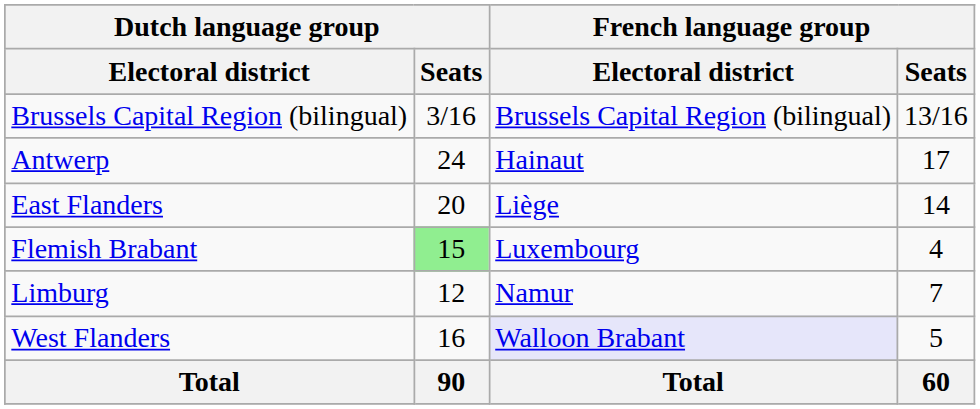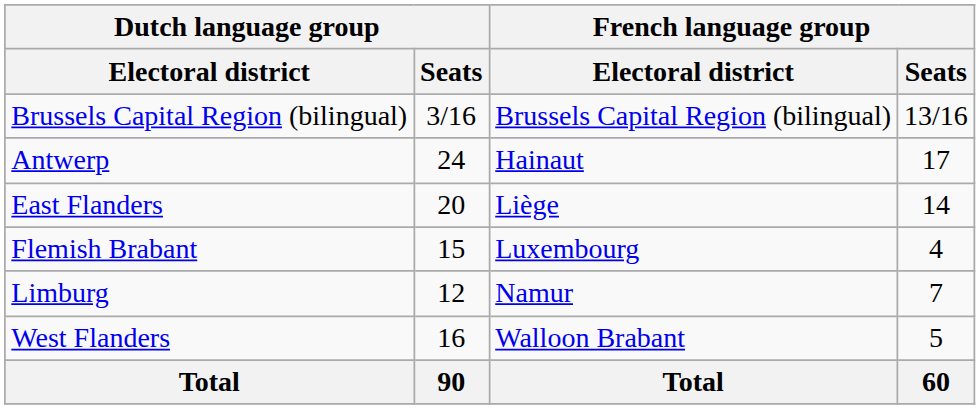 <table class=wikitable>
 <tr>
 <th colspan=2>Dutch language group</th>
 <th colspan=2>French language group</th>
 </tr>
 <tr>
 <th>Electoral district</th>
 <th>Seats</th>
 <th>Electoral district</th>
 <th>Seats</th>
 </tr>
 <tr>
 <td><a href='#'>Brussels Capital Region</a> (bilingual)</td>
 <td style="text-align:center;">3/16</td>
 <td><a href='#'>Brussels Capital Region</a> (bilingual)</td>
 <td style="text-align:center;">13/16</td>
 </tr>
 <tr>
 <td><a href='#'>Antwerp</a></td>
 <td style="text-align:center;">24</td>
 <td><a href='#'>Hainaut</a></td>
 <td style="text-align:center;">17</td>
 </tr>
 <tr>
 <td><a href='#'>East Flanders</a></td>
 <td style="text-align:center;">20</td>
 <td><a href='#'>Liège</a></td>
 <td style="text-align:center;">14</td>
 </tr>
 <tr>
 <td><a href='#'>Flemish Brabant</a></td>
-<td style="background: lightgreen; text-align:center;">15</td>
+<td style="text-align:center;">15</td>
 <td><a href='#'>Luxembourg</a></td>
 <td style="text-align:center;">4</td>
 </tr>
 <tr>
 <td><a href='#'>Limburg</a></td>
 <td style="text-align:center;">12</td>
 <td><a href='#'>Namur</a></td>
 <td style="text-align:center;">7</td>
 </tr>
 <tr>
 <td><a href='#'>West Flanders</a></td>
 <td style="text-align:center;">16</td>
-<td style="background: lavender;"><a href='#'>Walloon Brabant</a></td>
+<td><a href='#'>Walloon Brabant</a></td>
 <td style="text-align:center;">5</td>
 </tr>
 <tr>
 <th>Total</th>
 <th>90</th>
 <th>Total</th>
 <th>60</th>
 </tr>
 </table>
